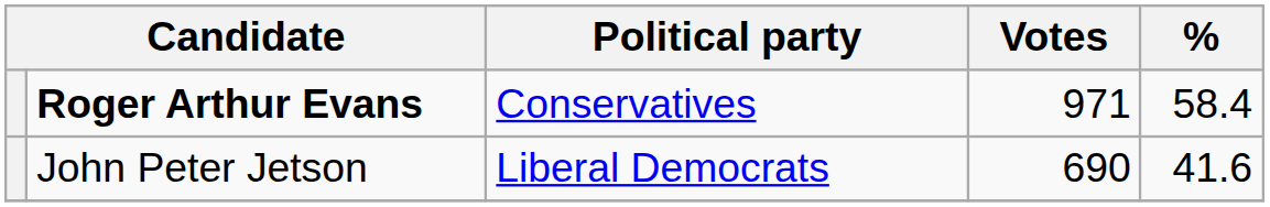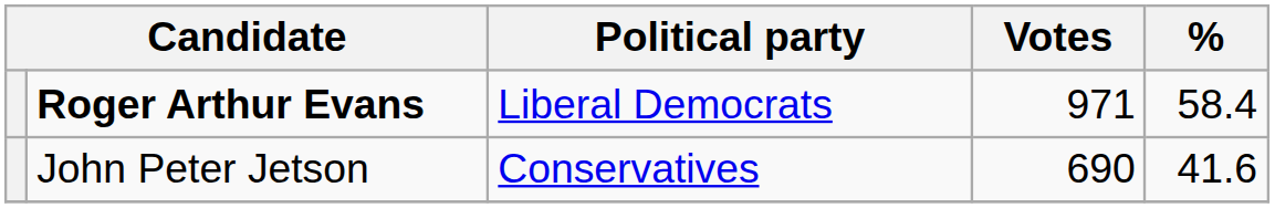 <table class="wikitable">
 <tr>
 <th valign=top colspan="2" style="width: 180px">Candidate</th>
 <th valign=top style="width: 180px">Political party</th>
 <th valign=top style="width: 60px">Votes</th>
 <th valign=top style="width: 40px">%</th>
 </tr>
 <tr>
 <th style="background-color: "></th>
 <td><strong>Roger Arthur Evans</strong></td>
-<td><a href='#'>Conservatives</a></td>
+<td><a href='#'>Liberal Democrats</a></td>
 <td align="right">971</td>
 <td align="right">58.4</td>
 </tr>
 <tr>
 <th style="background-color: "></th>
 <td>John Peter Jetson</td>
-<td><a href='#'>Liberal Democrats</a></td>
+<td><a href='#'>Conservatives</a></td>
 <td align="right">690</td>
 <td align="right">41.6</td>
 </tr>
 <tr>
 </tr>
 </table>
